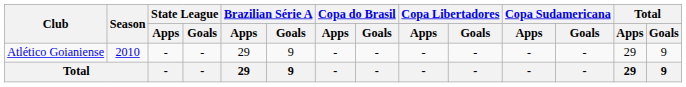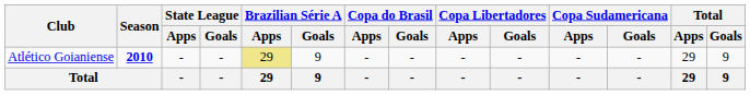 <table class="wikitable" style="text-align: center;">
 <tr>
 <th rowspan="2">Club</th>
 <th rowspan="2">Season</th>
 <th colspan="2">State League</th>
 <th colspan="2"><a href='#'>Brazilian Série A</a></th>
 <th colspan="2"><a href='#'>Copa do Brasil</a></th>
 <th colspan="2"><a href='#'>Copa Libertadores</a></th>
 <th colspan="2"><a href='#'>Copa Sudamericana</a></th>
 <th colspan="2">Total</th>
 </tr>
 <tr>
 <th>Apps</th>
 <th>Goals</th>
 <th>Apps</th>
 <th>Goals</th>
 <th>Apps</th>
 <th>Goals</th>
 <th>Apps</th>
 <th>Goals</th>
 <th>Apps</th>
 <th>Goals</th>
 <th>Apps</th>
 <th>Goals</th>
 </tr>
 <tr>
 <td rowspan="1" valign="center"><a href='#'>Atlético Goianiense</a></td>
-<td><a href='#'>2010</a></td>
+<td><strong><a href='#'>2010</a></strong></td>
 <td>-</td>
 <td>-</td>
-<td>29</td>
+<td style="background: khaki;">29</td>
 <td>9</td>
 <td>-</td>
 <td>-</td>
 <td>-</td>
 <td>-</td>
 <td>-</td>
 <td>-</td>
 <td>29</td>
 <td>9</td>
 </tr>
 <tr>
 <th colspan="2"><strong>Total</strong></th>
 <th>-</th>
 <th>-</th>
 <th>29</th>
 <th>9</th>
 <th>-</th>
 <th>-</th>
 <th>-</th>
 <th>-</th>
 <th>-</th>
 <th>-</th>
 <th>29</th>
 <th>9</th>
 </tr>
 </table>
